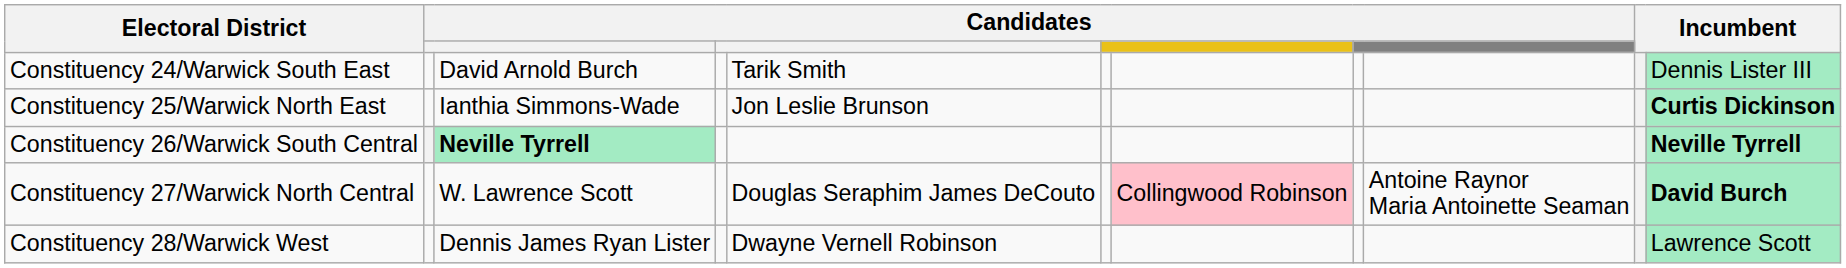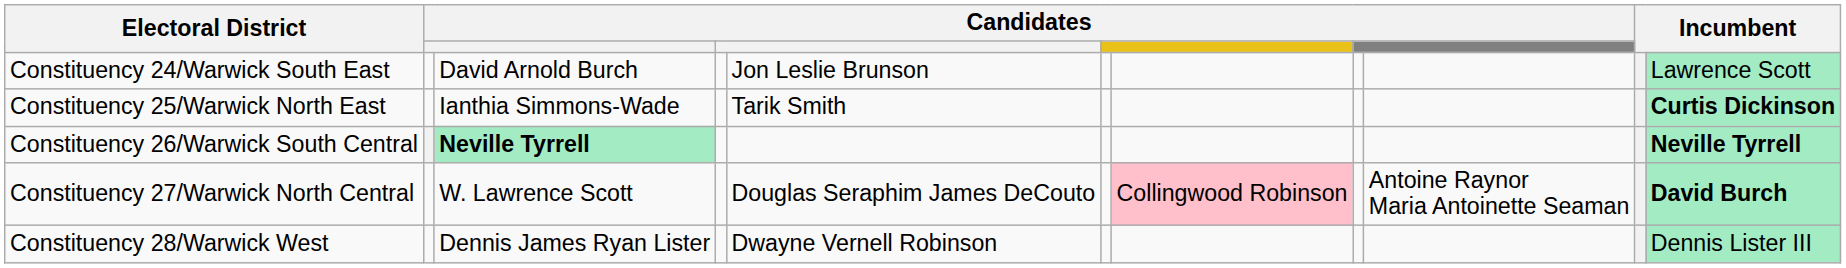 <table class="wikitable">
 <tr>
 <th rowspan="2">Electoral District</th>
 <th colspan="8">Candidates</th>
 <th colspan="2" rowspan="2">Incumbent</th>
 </tr>
 <tr>
 <th colspan="2" style="background:"><a href='#'></a></th>
 <th colspan="2" style="background:"><a href='#'></a></th>
 <td colspan="2" style="background:#EAC117"><a href='#'></a></td>
 <td colspan="2" style="background:grey"><a href='#'></a></td>
 </tr>
 <tr>
 <td>Constituency 24/Warwick South East</td>
 <td></td>
 <td>David Arnold Burch</td>
 <td></td>
-<td>Tarik Smith</td>
+<td>Jon Leslie Brunson</td>
 <td></td>
 <td></td>
 <td></td>
 <td></td>
 <th style="background:"></th>
-<td style="background:#a3ebc3">Dennis Lister III</td>
+<td style="background:#a3ebc3">Lawrence Scott</td>
 </tr>
 <tr>
 <td>Constituency 25/Warwick North East</td>
 <td></td>
 <td>Ianthia Simmons-Wade</td>
 <td></td>
-<td>Jon Leslie Brunson</td>
+<td>Tarik Smith</td>
 <td></td>
 <td></td>
 <td></td>
 <td></td>
 <th style="background:"></th>
 <td style="background:#a3ebc3"><strong>Curtis Dickinson</strong></td>
 </tr>
 <tr>
 <td>Constituency 26/Warwick South Central</td>
 <th style="background:"></th>
 <td style="background:#a3ebc3"><strong>Neville Tyrrell</strong></td>
 <td></td>
 <td></td>
 <td></td>
 <td></td>
 <td></td>
 <td></td>
 <th style="background:"></th>
 <td style="background:#a3ebc3"><strong>Neville Tyrrell</strong></td>
 </tr>
 <tr>
 <td>Constituency 27/Warwick North Central</td>
 <td></td>
 <td>W. Lawrence Scott</td>
 <td></td>
 <td>Douglas Seraphim James DeCouto</td>
 <td></td>
 <td style="background: pink;">Collingwood Robinson</td>
 <td></td>
 <td>Antoine Raynor<br>Maria Antoinette Seaman</td>
 <th style="background:"></th>
 <td style="background:#a3ebc3"><strong>David Burch</strong></td>
 </tr>
 <tr>
 <td>Constituency 28/Warwick West</td>
 <td></td>
 <td>Dennis James Ryan Lister</td>
 <td></td>
 <td>Dwayne Vernell Robinson</td>
 <td></td>
 <td></td>
 <td></td>
 <td></td>
 <th style="background:"></th>
-<td style="background:#a3ebc3">Lawrence Scott</td>
+<td style="background:#a3ebc3">Dennis Lister III</td>
 </tr>
 </table>
